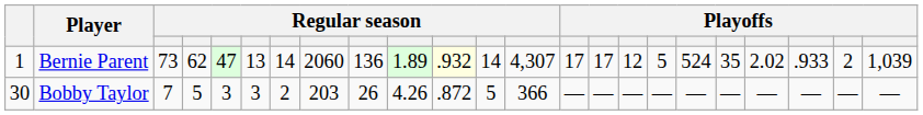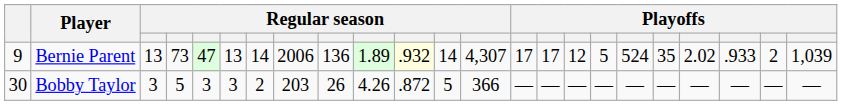 <table class="wikitable plainrowheaders" style="text-align:center;">
 <tr>
 <th scope="col" rowspan="2"></th>
 <th scope="col" rowspan="2">Player</th>
 <th scope=colgroup colspan=11>Regular season</th>
 <th scope=colgroup colspan=10>Playoffs</th>
 </tr>
 <tr>
 <th scope="col"></th>
 <th scope="col"></th>
 <th scope="col"></th>
 <th scope="col"></th>
 <th scope="col"></th>
 <th scope="col"></th>
 <th scope="col"></th>
 <th scope="col"></th>
 <th scope="col"></th>
 <th scope="col"></th>
 <th scope="col"></th>
 <th scope="col"></th>
 <th scope="col"></th>
 <th scope="col"></th>
 <th scope="col"></th>
 <th scope="col"></th>
 <th scope="col"></th>
 <th scope="col"></th>
 <th scope="col"></th>
 <th scope="col"></th>
 <th scope="col"></th>
 </tr>
 <tr>
-<td scope="row">1</td>
+<td scope="row">9</td>
 <td align="left"><a href='#'>Bernie Parent</a></td>
+<td>13</td>
 <td>73</td>
-<td>62</td>
 <td style="background:#DDFFDD;">47</td>
 <td>13</td>
 <td>14</td>
-<td>2060</td>
+<td>2006</td>
 <td>136</td>
 <td style="background:#DDFFDD;">1.89</td>
 <td style="background: lightyellow;">.932</td>
 <td>14</td>
 <td>4,307</td>
 <td>17</td>
 <td>17</td>
 <td>12</td>
 <td>5</td>
 <td>524</td>
 <td>35</td>
 <td>2.02</td>
 <td>.933</td>
 <td>2</td>
 <td>1,039</td>
 </tr>
 <tr>
 <td scope="row">30</td>
 <td align="left"><a href='#'>Bobby Taylor</a></td>
-<td>7</td>
+<td>3</td>
 <td>5</td>
 <td>3</td>
 <td>3</td>
 <td>2</td>
 <td>203</td>
 <td>26</td>
 <td>4.26</td>
 <td>.872</td>
 <td>5</td>
 <td>366</td>
 <td>—</td>
 <td>—</td>
 <td>—</td>
 <td>—</td>
 <td>—</td>
 <td>—</td>
 <td>—</td>
 <td>—</td>
 <td>—</td>
 <td>—</td>
 </tr>
 </table>
